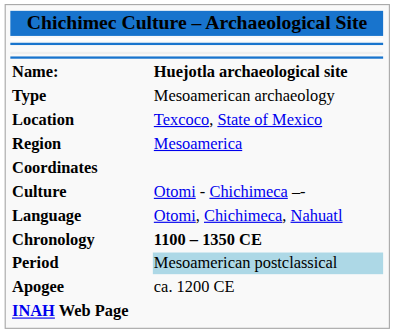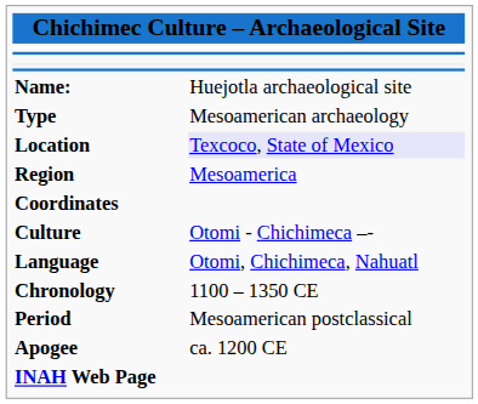 <table class="infobox" style="font-size:90%; text-align:left; width:23.5em">
 <tr>
 <td colspan="3" bgcolor=#1874CD style="text-align: center; font-size: larger;"><span><strong> Chichimec Culture – Archaeological Site</strong></span></td>
 </tr>
 <tr style="vertical-align: top; text-align: center;">
 <td colspan=3 bgcolor="#FFFFFF" align="center"></td>
 </tr>
 <tr>
 <td colspan="2" bgcolor=#1874CD></td>
 </tr>
 <tr>
 <td colspan=2></td>
 </tr>
 <tr>
 <td style="background:#efefef;"align="center" colspan="2"></td>
 </tr>
 <tr>
 <td colspan="2" bgcolor=#1874CD></td>
 </tr>
 <tr>
 <td><strong>Name:</strong></td>
-<td><strong><span> Huejotla archaeological site</span></strong></td>
+<td><span> Huejotla archaeological site</span></td>
 </tr>
 <tr>
 <td><strong>Type</strong></td>
 <td>Mesoamerican archaeology</td>
 </tr>
 <tr>
 <td><strong>Location</strong></td>
-<td><a href='#'>Texcoco</a>, <a href='#'>State of Mexico</a> <br></td>
+<td style="background: lavender;"><a href='#'>Texcoco</a>, <a href='#'>State of Mexico</a> <br></td>
 </tr>
 <tr>
 <td><strong>Region</strong></td>
 <td><a href='#'>Mesoamerica</a></td>
 </tr>
 <tr>
 <td><strong>Coordinates</strong></td>
 <td></td>
 </tr>
 <tr>
 <td><strong>Culture</strong></td>
 <td><a href='#'>Otomi</a> - <a href='#'>Chichimeca</a> –-</td>
 </tr>
 <tr>
 <td><strong>Language</strong></td>
 <td><a href='#'>Otomi</a>, <a href='#'>Chichimeca</a>, <a href='#'>Nahuatl</a></td>
 </tr>
 <tr>
 <td><strong>Chronology</strong></td>
-<td><strong>1100 – 1350 CE</strong></td>
+<td>1100 – 1350 CE</td>
 </tr>
 <tr>
 <td><strong>Period</strong></td>
-<td style="background: lightblue;">Mesoamerican postclassical</td>
+<td>Mesoamerican postclassical</td>
 </tr>
 <tr>
 <td><strong>Apogee</strong></td>
 <td>ca. 1200 CE</td>
 </tr>
 <tr>
 <td><strong><a href='#'>INAH</a> Web Page</strong></td>
 <td></td>
 </tr>
 </table>
